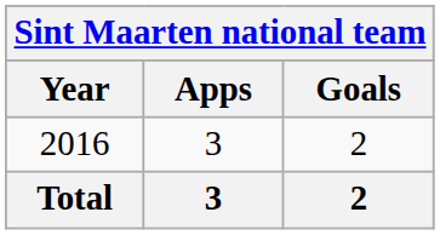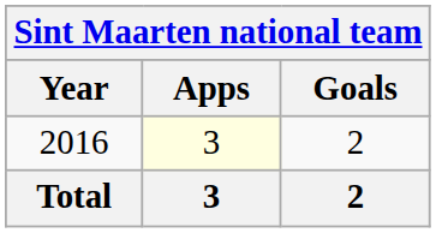 <table class="wikitable" style="text-align:center">
 <tr>
 <th colspan=3><a href='#'>Sint Maarten national team</a></th>
 </tr>
 <tr>
 <th>Year</th>
 <th>Apps</th>
 <th>Goals</th>
 </tr>
 <tr>
 <td>2016</td>
-<td>3</td>
+<td style="background: lightyellow;">3</td>
 <td>2</td>
 </tr>
 <tr>
 <th>Total</th>
 <th>3</th>
 <th>2</th>
 </tr>
 </table>
